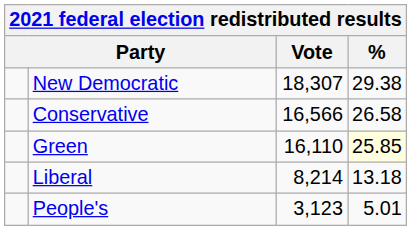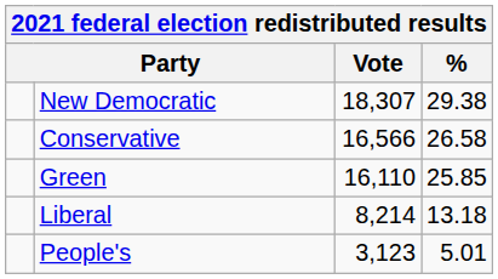 <table class="wikitable">
 <tr>
 <th colspan="4"><a href='#'>2021 federal election</a> redistributed results</th>
 </tr>
 <tr>
 <th bgcolor="#DDDDFF" width="130px" colspan="2">Party</th>
 <th bgcolor="#DDDDFF" width="50px">Vote</th>
 <th bgcolor="#DDDDFF" width="30px">%</th>
 </tr>
 <tr>
 <td> </td>
 <td><a href='#'>New Democratic</a></td>
 <td align=right>18,307</td>
 <td align=right>29.38</td>
 </tr>
 <tr>
 <td> </td>
 <td><a href='#'>Conservative</a></td>
 <td align=right>16,566</td>
 <td align=right>26.58</td>
 </tr>
 <tr>
 <td> </td>
 <td><a href='#'>Green</a></td>
 <td align=right>16,110</td>
-<td align=right style="background: lightyellow;">25.85</td>
+<td align=right>25.85</td>
 </tr>
 <tr>
 <td> </td>
 <td><a href='#'>Liberal</a></td>
 <td align=right>8,214</td>
 <td align=right>13.18</td>
 </tr>
 <tr>
 <td> </td>
 <td><a href='#'>People's</a></td>
 <td align=right>3,123</td>
 <td align=right>5.01</td>
 </tr>
 </table>
